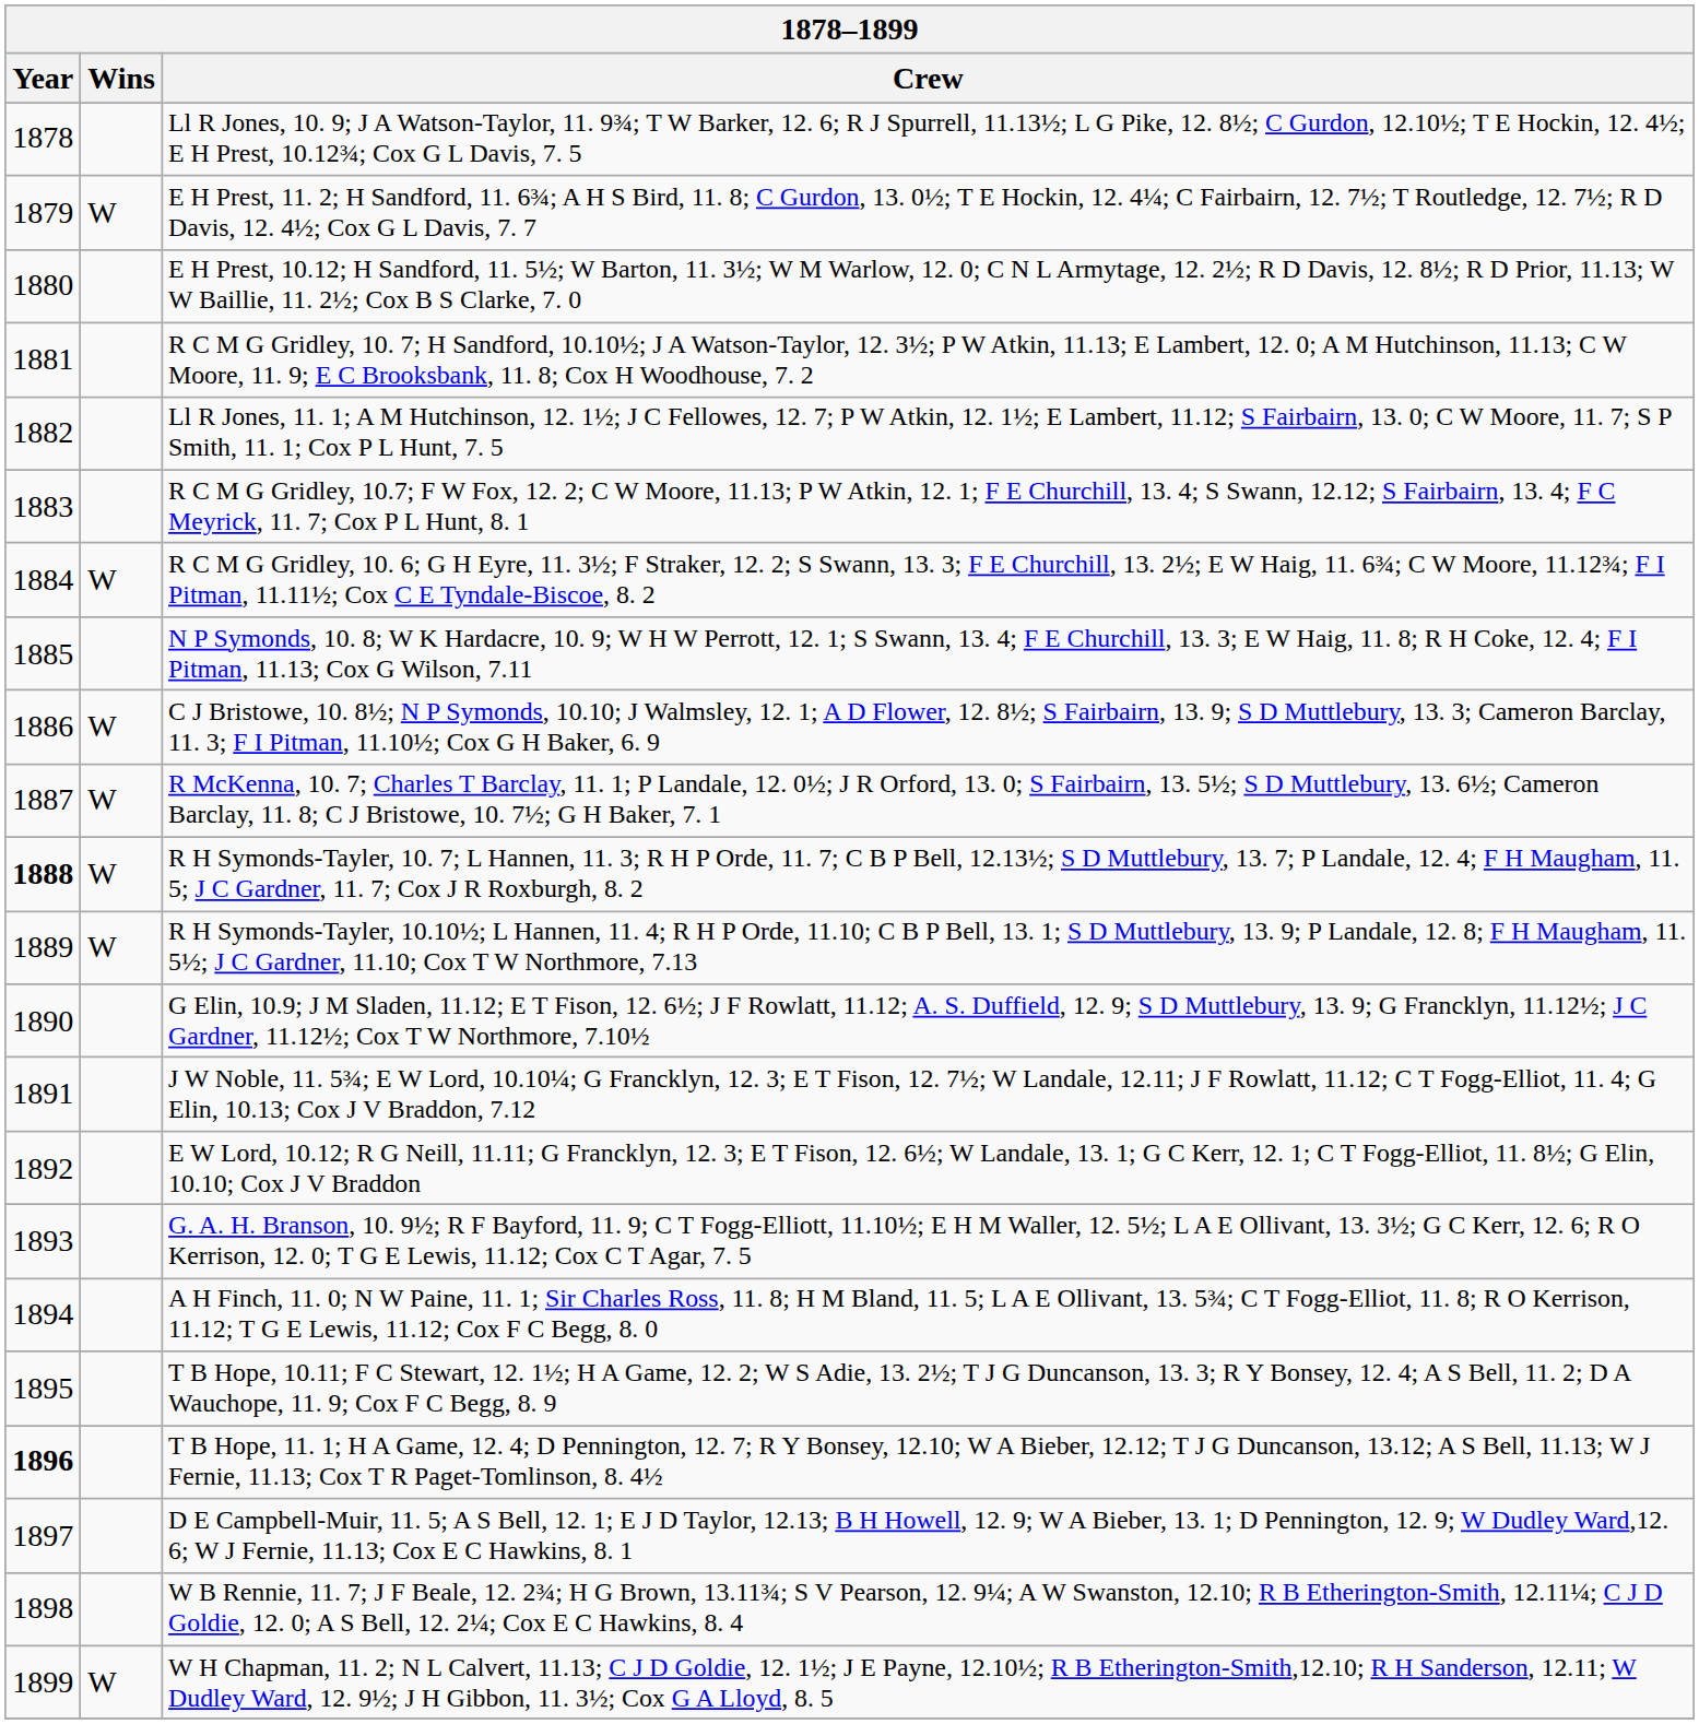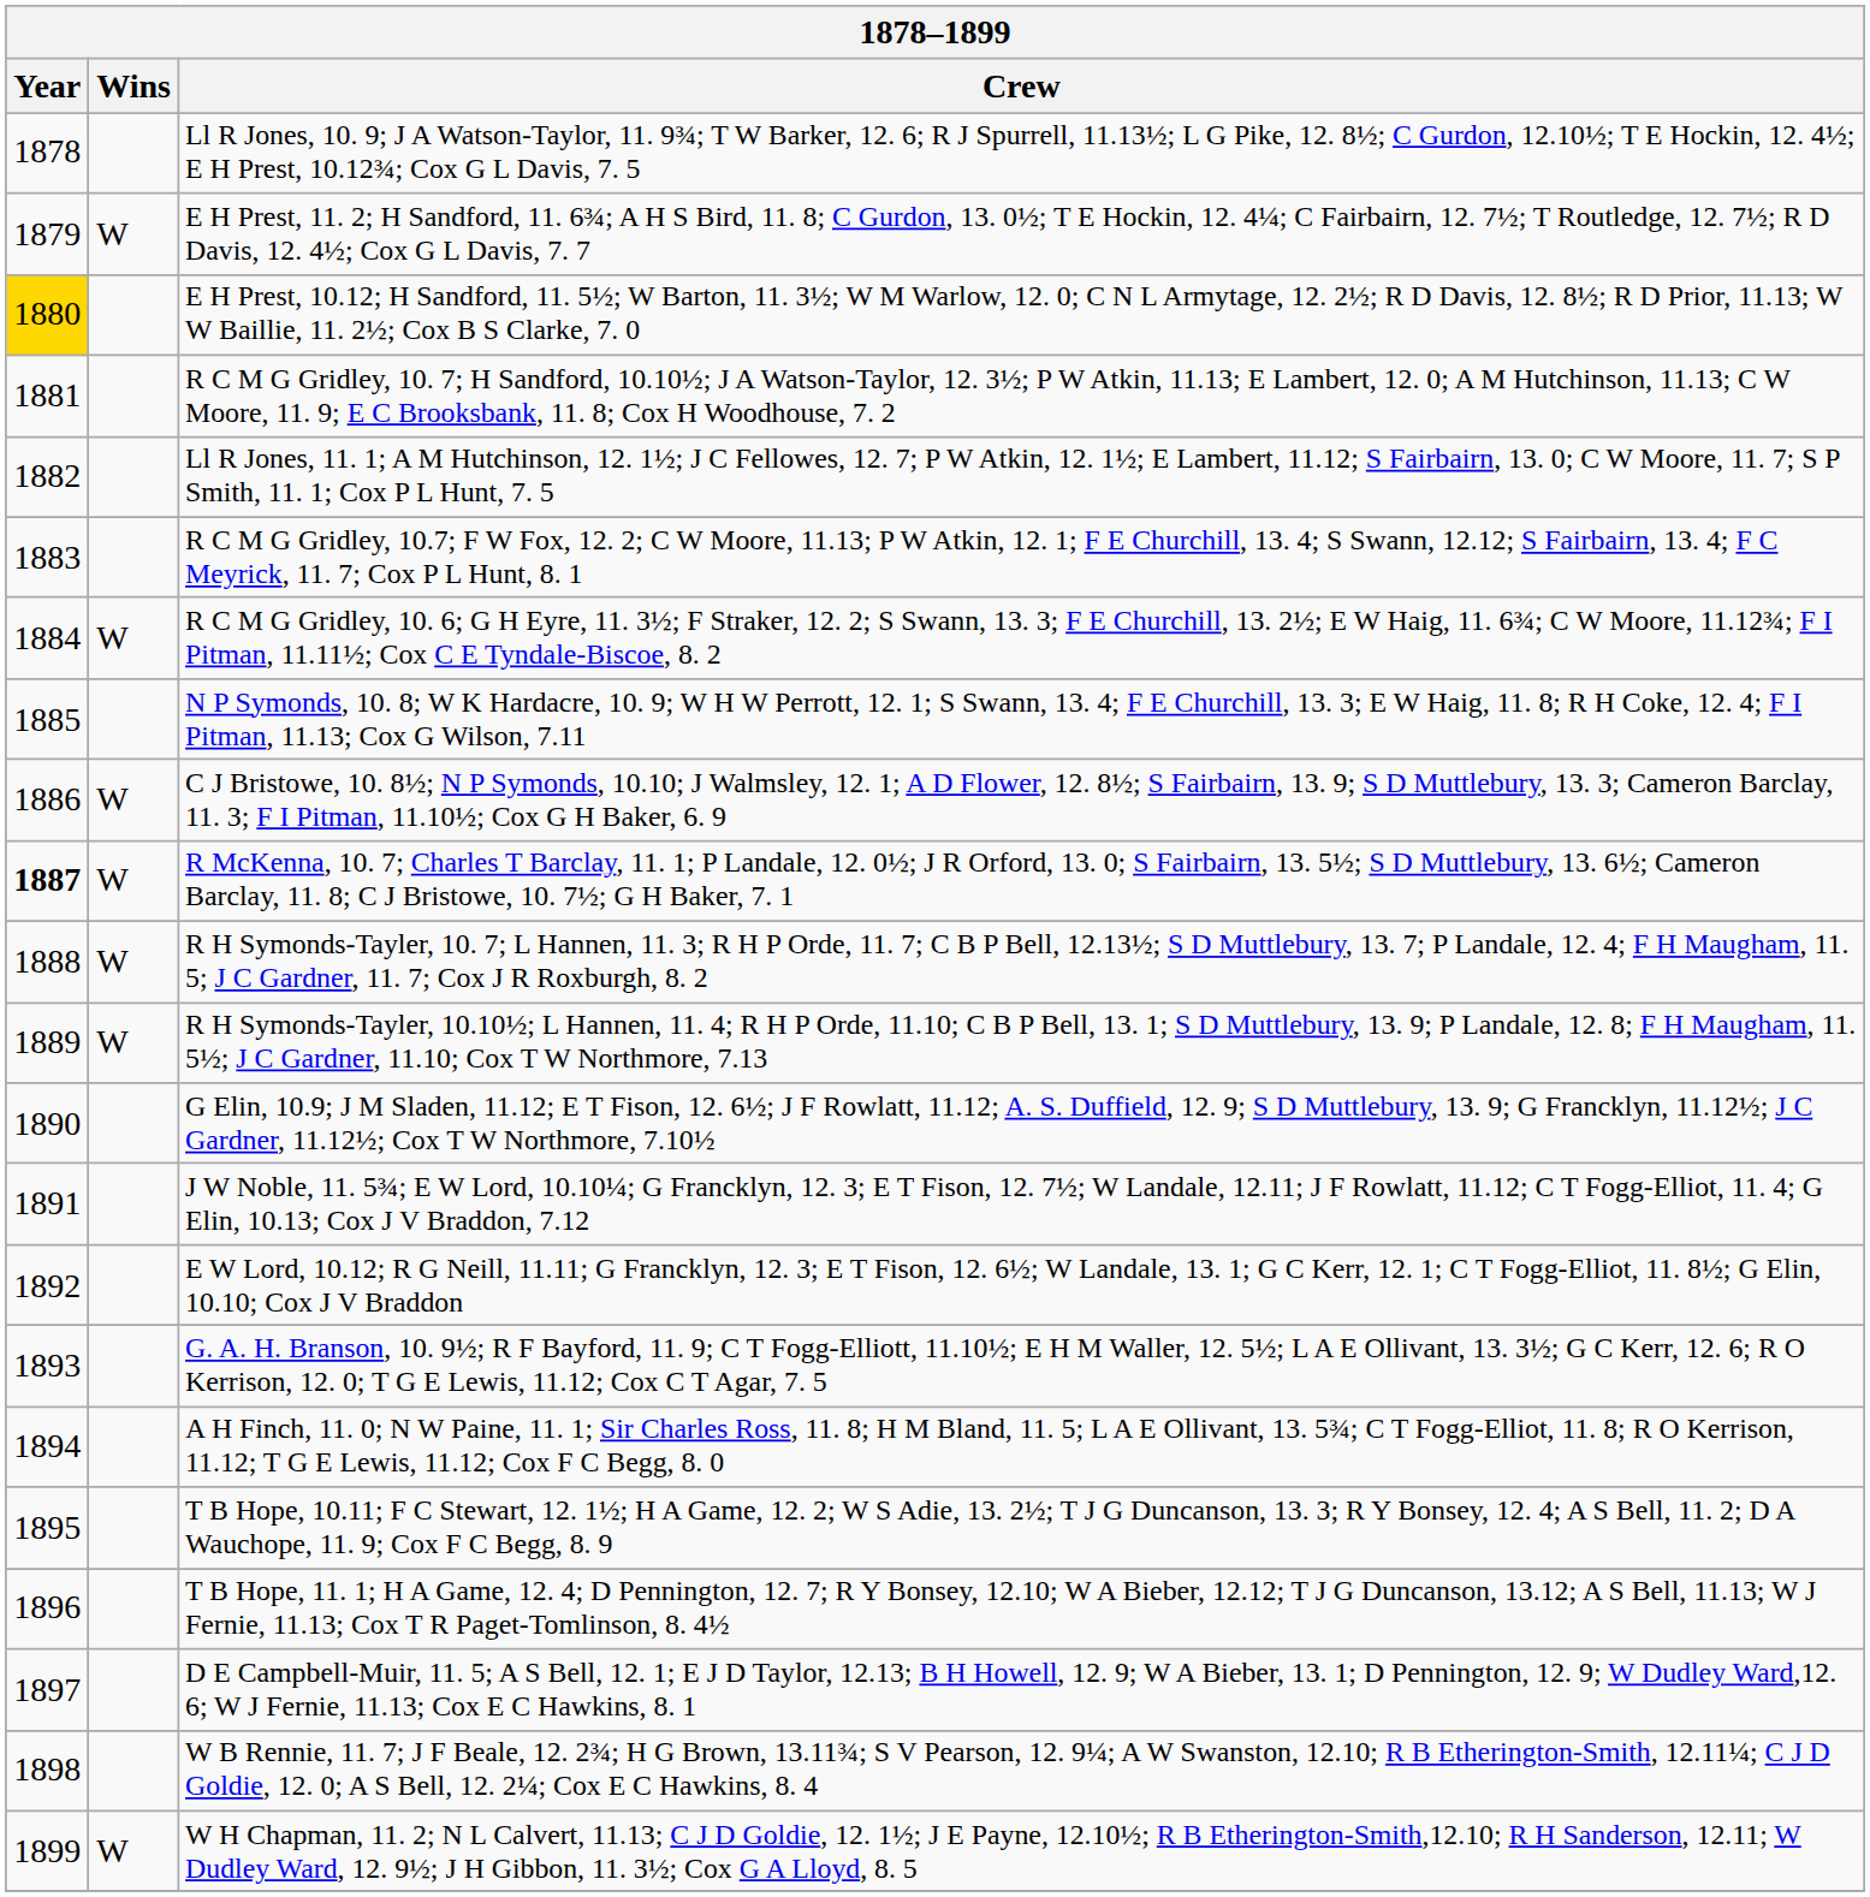 <table class="wikitable" style="width:100%;">
 <tr>
 <th colspan="3">1878–1899</th>
 </tr>
 <tr>
 <th>Year</th>
 <th>Wins</th>
 <th>Crew</th>
 </tr>
 <tr>
 <td>1878</td>
 <td></td>
 <td style="font-size:85%">Ll R Jones, 10. 9; J A Watson-Taylor, 11. 9¾; T W Barker, 12. 6; R J Spurrell, 11.13½; L G Pike, 12. 8½; <a href='#'>C Gurdon</a>, 12.10½; T E Hockin, 12. 4½; E H Prest, 10.12¾; Cox G L Davis, 7. 5</td>
 </tr>
 <tr>
 <td>1879</td>
 <td>W</td>
 <td style="font-size:85%">E H Prest, 11. 2; H Sandford, 11. 6¾; A H S Bird, 11. 8; <a href='#'>C Gurdon</a>, 13. 0½; T E Hockin, 12. 4¼; C Fairbairn, 12. 7½; T Routledge, 12. 7½; R D Davis, 12. 4½; Cox G L Davis, 7. 7</td>
 </tr>
 <tr>
-<td>1880</td>
+<td style="background: gold;">1880</td>
 <td></td>
 <td style="font-size:85%">E H Prest, 10.12; H Sandford, 11. 5½; W Barton, 11. 3½; W M Warlow, 12. 0; C N L Armytage, 12. 2½; R D Davis, 12. 8½; R D Prior, 11.13; W W Baillie, 11. 2½; Cox B S Clarke, 7. 0</td>
 </tr>
 <tr>
 <td>1881</td>
 <td></td>
 <td style="font-size:85%">R C M G Gridley, 10. 7; H Sandford, 10.10½; J A Watson-Taylor, 12. 3½; P W Atkin, 11.13; E Lambert, 12. 0; A M Hutchinson, 11.13; C W Moore, 11. 9; <a href='#'>E C Brooksbank</a>, 11. 8; Cox H Woodhouse, 7. 2</td>
 </tr>
 <tr>
 <td>1882</td>
 <td></td>
 <td style="font-size:85%">Ll R Jones, 11. 1; A M Hutchinson, 12. 1½; J C Fellowes, 12. 7; P W Atkin, 12. 1½; E Lambert, 11.12; <a href='#'>S Fairbairn</a>, 13. 0; C W Moore, 11. 7; S P Smith, 11. 1; Cox P L Hunt, 7. 5</td>
 </tr>
 <tr>
 <td>1883</td>
 <td></td>
 <td style="font-size:85%">R C M G Gridley, 10.7; F W Fox, 12. 2; C W Moore, 11.13; P W Atkin, 12. 1; <a href='#'>F E Churchill</a>, 13. 4; S Swann, 12.12; <a href='#'>S Fairbairn</a>, 13. 4; <a href='#'>F C Meyrick</a>, 11. 7; Cox P L Hunt, 8. 1</td>
 </tr>
 <tr>
 <td>1884</td>
 <td>W</td>
 <td style="font-size:85%">R C M G Gridley, 10. 6; G H Eyre, 11. 3½; F Straker, 12. 2; S Swann, 13. 3; <a href='#'>F E Churchill</a>, 13. 2½; E W Haig, 11. 6¾; C W Moore, 11.12¾; <a href='#'>F I Pitman</a>, 11.11½; Cox <a href='#'>C E Tyndale-Biscoe</a>, 8. 2</td>
 </tr>
 <tr>
 <td>1885</td>
 <td></td>
 <td style="font-size:85%"><a href='#'>N P Symonds</a>, 10. 8; W K Hardacre, 10. 9; W H W Perrott, 12. 1; S Swann, 13. 4; <a href='#'>F E Churchill</a>, 13. 3; E W Haig, 11. 8; R H Coke, 12. 4; <a href='#'>F I Pitman</a>, 11.13; Cox G Wilson, 7.11</td>
 </tr>
 <tr>
 <td>1886</td>
 <td>W</td>
 <td style="font-size:85%">C J Bristowe, 10. 8½; <a href='#'>N P Symonds</a>, 10.10; J Walmsley, 12. 1; <a href='#'>A D Flower</a>, 12. 8½; <a href='#'>S Fairbairn</a>, 13. 9; <a href='#'>S D Muttlebury</a>, 13. 3; Cameron Barclay, 11. 3; <a href='#'>F I Pitman</a>, 11.10½; Cox G H Baker, 6. 9</td>
 </tr>
 <tr>
-<td>1887</td>
+<td><strong>1887</strong></td>
 <td>W</td>
 <td style="font-size:85%"><a href='#'>R McKenna</a>, 10. 7; <a href='#'>Charles T Barclay</a>, 11. 1; P Landale, 12. 0½; J R Orford, 13. 0; <a href='#'>S Fairbairn</a>, 13. 5½; <a href='#'>S D Muttlebury</a>, 13. 6½; Cameron Barclay, 11. 8; C J Bristowe, 10. 7½; G H Baker, 7. 1</td>
 </tr>
 <tr>
-<td><strong>1888</strong></td>
+<td>1888</td>
 <td>W</td>
 <td style="font-size:85%">R H Symonds-Tayler, 10. 7; L Hannen, 11. 3; R H P Orde, 11. 7; C B P Bell, 12.13½; <a href='#'>S D Muttlebury</a>, 13. 7; P Landale, 12. 4; <a href='#'>F H Maugham</a>, 11. 5; <a href='#'>J C Gardner</a>, 11. 7; Cox J R Roxburgh, 8. 2</td>
 </tr>
 <tr>
 <td>1889</td>
 <td>W</td>
 <td style="font-size:85%">R H Symonds-Tayler, 10.10½; L Hannen, 11. 4; R H P Orde, 11.10; C B P Bell, 13. 1; <a href='#'>S D Muttlebury</a>, 13. 9; P Landale, 12. 8; <a href='#'>F H Maugham</a>, 11. 5½; <a href='#'>J C Gardner</a>, 11.10; Cox T W Northmore, 7.13</td>
 </tr>
 <tr>
 <td>1890</td>
 <td></td>
 <td style="font-size:85%">G Elin, 10.9; J M Sladen, 11.12; E T Fison, 12. 6½; J F Rowlatt, 11.12; <a href='#'>A. S. Duffield</a>, 12. 9; <a href='#'>S D Muttlebury</a>, 13. 9; G Francklyn, 11.12½; <a href='#'>J C Gardner</a>, 11.12½; Cox T W Northmore, 7.10½</td>
 </tr>
 <tr>
 <td>1891</td>
 <td></td>
 <td style="font-size:85%">J W Noble, 11. 5¾; E W Lord, 10.10¼; G Francklyn, 12. 3; E T Fison, 12. 7½; W Landale, 12.11; J F Rowlatt, 11.12; C T Fogg-Elliot, 11. 4; G Elin, 10.13; Cox J V Braddon, 7.12</td>
 </tr>
 <tr>
 <td>1892</td>
 <td></td>
 <td style="font-size:85%">E W Lord, 10.12; R G Neill, 11.11; G Francklyn, 12. 3; E T Fison, 12. 6½; W Landale, 13. 1; G C Kerr, 12. 1; C T Fogg-Elliot, 11. 8½; G Elin, 10.10; Cox J V Braddon</td>
 </tr>
 <tr>
 <td>1893</td>
 <td></td>
 <td style="font-size:85%"><a href='#'>G. A. H. Branson</a>, 10. 9½; R F Bayford, 11. 9; C T Fogg-Elliott, 11.10½; E H M Waller, 12. 5½; L A E Ollivant, 13. 3½; G C Kerr, 12. 6; R O Kerrison, 12. 0; T G E Lewis, 11.12; Cox C T Agar, 7. 5</td>
 </tr>
 <tr>
 <td>1894</td>
 <td></td>
 <td style="font-size:85%">A H Finch, 11. 0; N W Paine, 11. 1; <a href='#'>Sir Charles Ross</a>, 11. 8; H M Bland, 11. 5; L A E Ollivant, 13. 5¾; C T Fogg-Elliot, 11. 8; R O Kerrison, 11.12; T G E Lewis, 11.12; Cox F C Begg, 8. 0</td>
 </tr>
 <tr>
 <td>1895</td>
 <td></td>
 <td style="font-size:85%">T B Hope, 10.11; F C Stewart, 12. 1½; H A Game, 12. 2; W S Adie, 13. 2½; T J G Duncanson, 13. 3; R Y Bonsey, 12. 4; A S Bell, 11. 2; D A Wauchope, 11. 9; Cox F C Begg, 8. 9</td>
 </tr>
 <tr>
-<td><strong>1896</strong></td>
+<td>1896</td>
 <td></td>
 <td style="font-size:85%">T B Hope, 11. 1; H A Game, 12. 4; D Pennington, 12. 7; R Y Bonsey, 12.10; W A Bieber, 12.12; T J G Duncanson, 13.12; A S Bell, 11.13; W J Fernie, 11.13; Cox T R Paget-Tomlinson, 8. 4½</td>
 </tr>
 <tr>
 <td>1897</td>
 <td></td>
 <td style="font-size:85%">D E Campbell-Muir, 11. 5; A S Bell, 12. 1; E J D Taylor, 12.13; <a href='#'>B H Howell</a>, 12. 9; W A Bieber, 13. 1; D Pennington, 12. 9; <a href='#'>W Dudley Ward</a>,12. 6; W J Fernie, 11.13; Cox E C Hawkins, 8. 1</td>
 </tr>
 <tr>
 <td>1898</td>
 <td></td>
 <td style="font-size:85%">W B Rennie, 11. 7; J F Beale, 12. 2¾; H G Brown, 13.11¾; S V Pearson, 12. 9¼; A W Swanston, 12.10; <a href='#'>R B Etherington-Smith</a>, 12.11¼; <a href='#'>C J D Goldie</a>, 12. 0; A S Bell, 12. 2¼; Cox E C Hawkins, 8. 4</td>
 </tr>
 <tr>
 <td>1899</td>
 <td>W</td>
 <td style="font-size:85%">W H Chapman, 11. 2; N L Calvert, 11.13; <a href='#'>C J D Goldie</a>, 12. 1½; J E Payne, 12.10½; <a href='#'>R B Etherington-Smith</a>,12.10; <a href='#'>R H Sanderson</a>, 12.11; <a href='#'>W Dudley Ward</a>, 12. 9½; J H Gibbon, 11. 3½; Cox <a href='#'>G A Lloyd</a>, 8. 5</td>
 </tr>
 <tr>
 </tr>
 </table>
